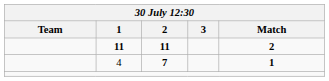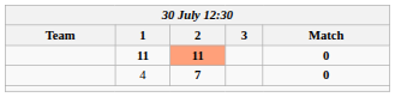 <table class=wikitable style="text-align:center; width: 55%">
 <tr>
 <th colspan=10><em>30 July 12:30</em></th>
 </tr>
 <tr>
 <th>Team</th>
 <th>1</th>
 <th>2</th>
 <th>3</th>
 <th>Match</th>
 </tr>
 <tr>
 <td align=left><strong><br></strong></td>
 <td><strong>11</strong></td>
-<td><strong>11</strong></td>
+<td style="background: lightsalmon;"><strong>11</strong></td>
 <td></td>
-<td><strong>2</strong></td>
+<td><strong>0</strong></td>
 </tr>
 <tr>
 <td align=left><br></td>
 <td>4</td>
 <td><strong>7</strong></td>
 <td></td>
-<td><strong>1</strong></td>
+<td><strong>0</strong></td>
 </tr>
 <tr>
 <td colspan=10></td>
 </tr>
 </table>
